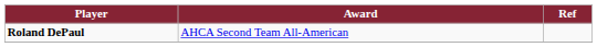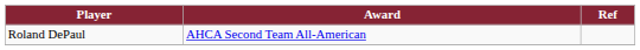 <table class="wikitable" width=40%>
 <tr>
 <th style="color:white; background:#862334; ">Player</th>
 <th style="color:white; background:#862334; ">Award</th>
 <th style="color:white; background:#862334; ">Ref</th>
 </tr>
 <tr>
-<td><strong>Roland DePaul</strong></td>
+<td>Roland DePaul</td>
 <td rowspan=1><a href='#'>AHCA Second Team All-American</a></td>
 <td rowspan=1></td>
 </tr>
 <tr>
 </tr>
 </table>
